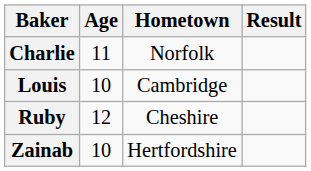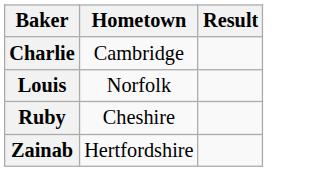 <table class="wikitable sortable" style="display:inline-table; text-align:center">
 <tr>
 <th scope="col">Baker</th>
-<th scope="col">Age</th>
 <th scope="col">Hometown</th>
 <th scope="col">Result</th>
 </tr>
 <tr>
 <th scope="row">Charlie</th>
-<td>11</td>
+<td>Cambridge</td>
+<td></td>
+</tr>
+<tr>
+<th scope="row">Louis</th>
 <td>Norfolk</td>
 <td></td>
 </tr>
 <tr>
-<th scope="row">Louis</th>
-<td>10</td>
-<td>Cambridge</td>
-<td></td>
-</tr>
-<tr>
 <th scope="row">Ruby</th>
-<td>12</td>
 <td>Cheshire</td>
 <td></td>
 </tr>
 <tr>
 <th scope="row">Zainab</th>
-<td>10</td>
 <td>Hertfordshire</td>
 <td></td>
 </tr>
 </table>
